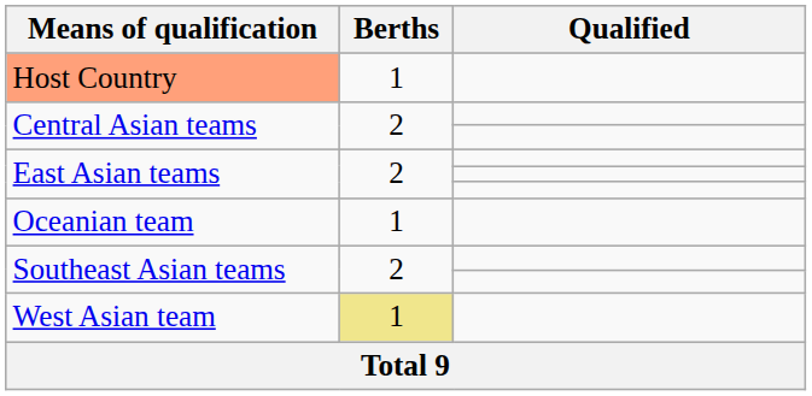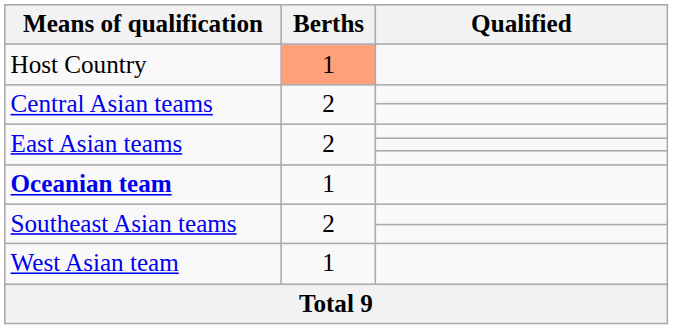 <table class="wikitable">
 <tr>
 <th style="margin:0; width:38%;">Means of qualification</th>
 <th style="margin:0; width:13%;">Berths</th>
 <th style="margin:0; width:40%;">Qualified</th>
 </tr>
 <tr>
-<td style="background: lightsalmon;">Host Country</td>
-<td align=center>1</td>
+<td>Host Country</td>
+<td align=center style="background: lightsalmon;">1</td>
 <td></td>
 </tr>
 <tr>
 <td rowspan=2><a href='#'>Central Asian teams</a></td>
 <td rowspan=2 align=center>2</td>
 <td></td>
 </tr>
 <tr>
 <td></td>
 </tr>
 <tr>
 <td rowspan=3><a href='#'>East Asian teams</a></td>
 <td rowspan=3 align=center>2</td>
 <td><s></s></td>
 </tr>
 <tr>
 <td></td>
 </tr>
 <tr>
 <td></td>
 </tr>
 <tr>
-<td><a href='#'>Oceanian team</a></td>
+<td><strong><a href='#'>Oceanian team</a></strong></td>
 <td align=center>1</td>
 <td></td>
 </tr>
 <tr>
 <td rowspan=2><a href='#'>Southeast Asian teams</a></td>
 <td rowspan=2 align=center>2</td>
 <td></td>
 </tr>
 <tr>
 <td></td>
 </tr>
 <tr>
 <td><a href='#'>West Asian team</a></td>
-<td align=center style="background: khaki;">1</td>
+<td align=center>1</td>
 <td></td>
 </tr>
 <tr>
 <th colspan=4>Total 9</th>
 </tr>
 </table>
